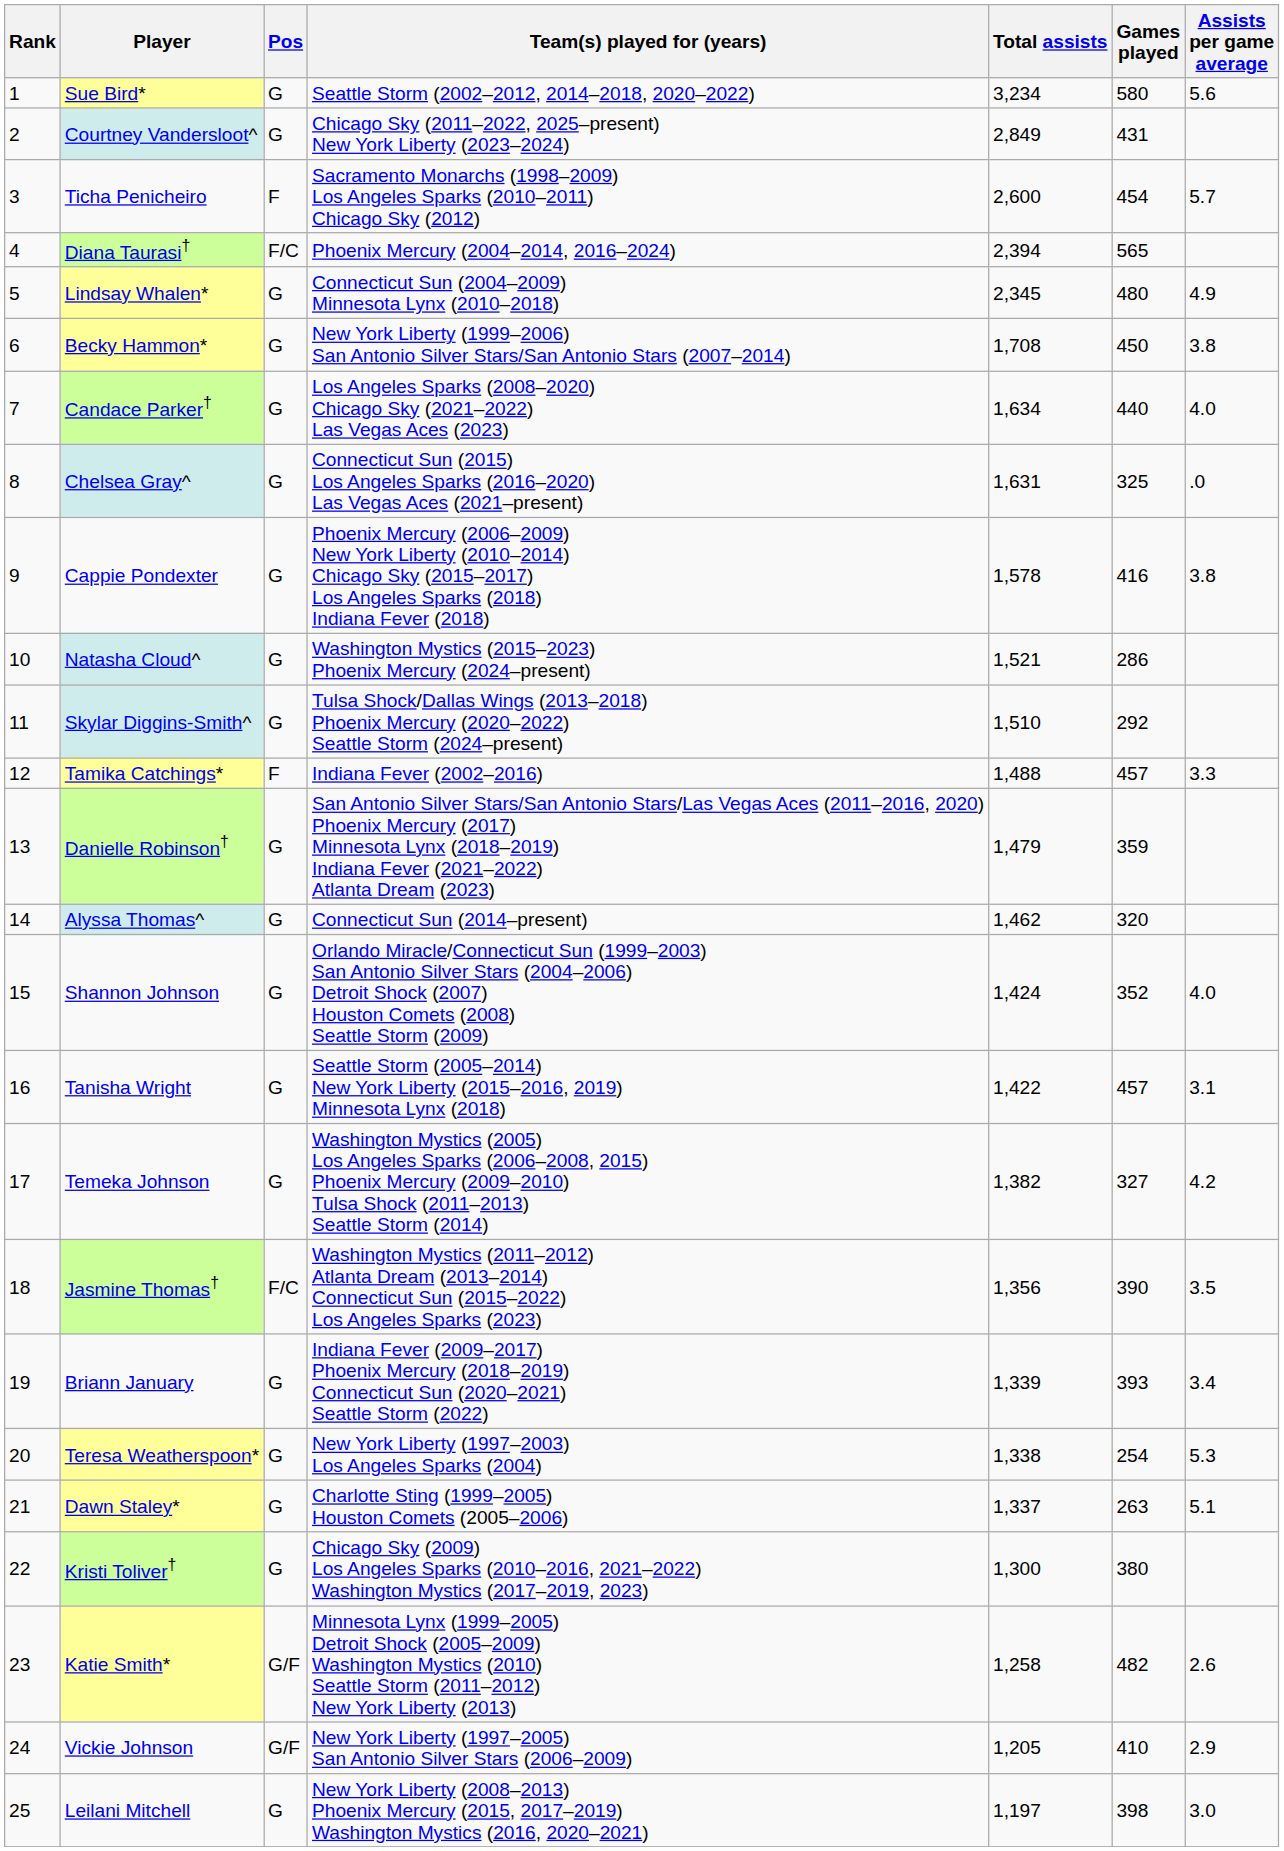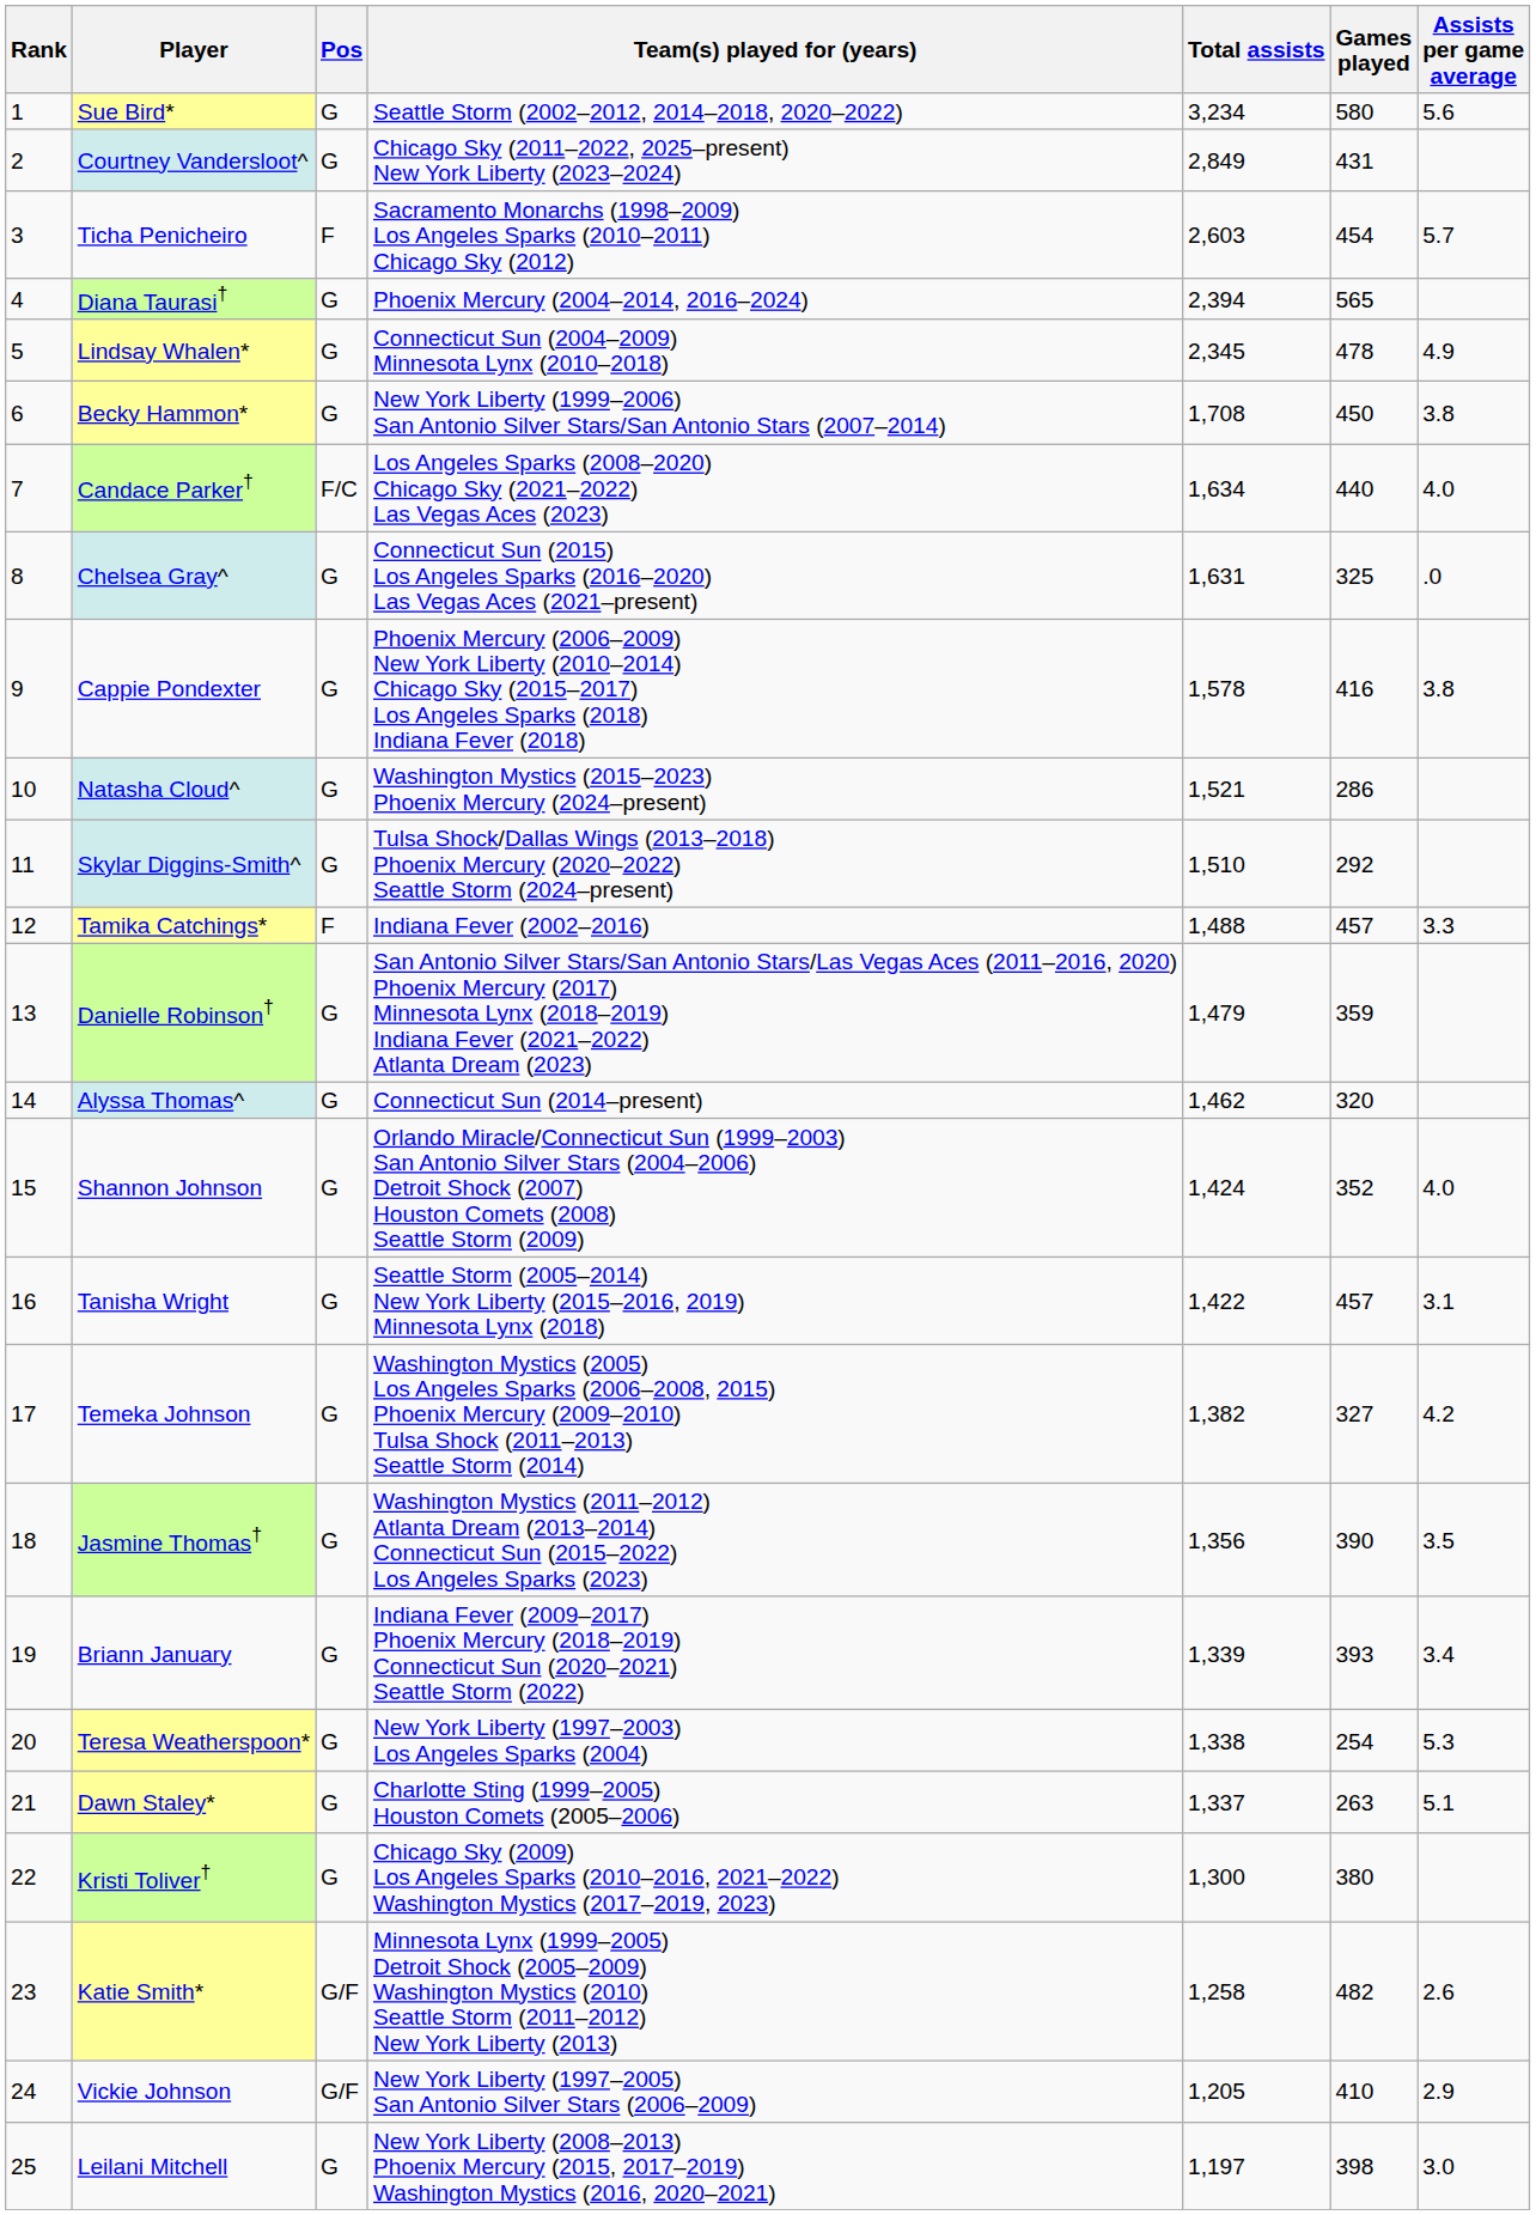 <table class="wikitable sortable" style="font-size: 95%;">
 <tr>
 <th>Rank</th>
 <th>Player</th>
 <th><a href='#'>Pos</a></th>
 <th class="unsortable">Team(s) played for (years)</th>
 <th>Total <a href='#'>assists</a></th>
 <th>Games <br> played</th>
 <th data-sort-type=number><a href='#'>Assists</a> <br> per game<br><a href='#'>average</a></th>
 </tr>
 <tr>
 <td>1</td>
 <td style="background:#FFFF99"><a href='#'>Sue Bird</a>*</td>
 <td>G</td>
 <td><a href='#'>Seattle Storm</a> (<a href='#'>2002</a>–<a href='#'>2012</a>, <a href='#'>2014</a>–<a href='#'>2018</a>, <a href='#'>2020</a>–<a href='#'>2022</a>)</td>
 <td>3,234</td>
 <td>580</td>
 <td>5.6</td>
 </tr>
 <tr>
 <td>2</td>
 <td style="background:#CFECEC"><a href='#'>Courtney Vandersloot</a>^</td>
 <td>G</td>
 <td><a href='#'>Chicago Sky</a> (<a href='#'>2011</a>–<a href='#'>2022</a>, <a href='#'>2025</a>–present)<br><a href='#'>New York Liberty</a> (<a href='#'>2023</a>–<a href='#'>2024</a>)</td>
 <td>2,849</td>
 <td>431</td>
 <td></td>
 </tr>
 <tr>
 <td>3</td>
 <td><a href='#'>Ticha Penicheiro</a></td>
 <td>F</td>
 <td><a href='#'>Sacramento Monarchs</a> (<a href='#'>1998</a>–<a href='#'>2009</a>)<br><a href='#'>Los Angeles Sparks</a> (<a href='#'>2010</a>–<a href='#'>2011</a>)<br><a href='#'>Chicago Sky</a> (<a href='#'>2012</a>)</td>
-<td>2,600</td>
+<td>2,603</td>
 <td>454</td>
 <td>5.7</td>
 </tr>
 <tr>
 <td>4</td>
 <td style="background:#CCFF99"><a href='#'>Diana Taurasi</a><sup>†</sup></td>
-<td>F/C</td>
+<td>G</td>
 <td><a href='#'>Phoenix Mercury</a> (<a href='#'>2004</a>–<a href='#'>2014</a>, <a href='#'>2016</a>–<a href='#'>2024</a>)</td>
 <td>2,394</td>
 <td>565</td>
 <td></td>
 </tr>
 <tr>
 <td>5</td>
 <td style="background:#FFFF99"><a href='#'>Lindsay Whalen</a>*</td>
 <td>G</td>
 <td><a href='#'>Connecticut Sun</a> (<a href='#'>2004</a>–<a href='#'>2009</a>)<br><a href='#'>Minnesota Lynx</a> (<a href='#'>2010</a>–<a href='#'>2018</a>)</td>
 <td>2,345</td>
-<td>480</td>
+<td>478</td>
 <td>4.9</td>
 </tr>
 <tr>
 <td>6</td>
 <td style="background:#FFFF99"><a href='#'>Becky Hammon</a>*</td>
 <td>G</td>
 <td><a href='#'>New York Liberty</a> (<a href='#'>1999</a>–<a href='#'>2006</a>)<br><a href='#'>San Antonio Silver Stars/San Antonio Stars</a> (<a href='#'>2007</a>–<a href='#'>2014</a>)</td>
 <td>1,708</td>
 <td>450</td>
 <td>3.8</td>
 </tr>
 <tr>
 <td>7</td>
 <td style="background:#CCFF99"><a href='#'>Candace Parker</a><sup>†</sup></td>
-<td>G</td>
+<td>F/C</td>
 <td><a href='#'>Los Angeles Sparks</a> (<a href='#'>2008</a>–<a href='#'>2020</a>)<br><a href='#'>Chicago Sky</a> (<a href='#'>2021</a>–<a href='#'>2022</a>)<br><a href='#'>Las Vegas Aces</a> (<a href='#'>2023</a>)</td>
 <td>1,634</td>
 <td>440</td>
 <td>4.0</td>
 </tr>
 <tr>
 <td>8</td>
 <td style="background:#CFECEC"><a href='#'>Chelsea Gray</a>^</td>
 <td>G</td>
 <td><a href='#'>Connecticut Sun</a> (<a href='#'>2015</a>)<br><a href='#'>Los Angeles Sparks</a> (<a href='#'>2016</a>–<a href='#'>2020</a>)<br><a href='#'>Las Vegas Aces</a> (<a href='#'>2021</a>–present)</td>
 <td>1,631</td>
 <td>325</td>
 <td>.0</td>
 </tr>
 <tr>
 <td>9</td>
 <td><a href='#'>Cappie Pondexter</a></td>
 <td>G</td>
 <td><a href='#'>Phoenix Mercury</a> (<a href='#'>2006</a>–<a href='#'>2009</a>)<br><a href='#'>New York Liberty</a> (<a href='#'>2010</a>–<a href='#'>2014</a>)<br><a href='#'>Chicago Sky</a> (<a href='#'>2015</a>–<a href='#'>2017</a>)<br><a href='#'>Los Angeles Sparks</a> (<a href='#'>2018</a>)<br><a href='#'>Indiana Fever</a> (<a href='#'>2018</a>)</td>
 <td>1,578</td>
 <td>416</td>
 <td>3.8</td>
 </tr>
 <tr>
 <td>10</td>
 <td style="background:#CFECEC"><a href='#'>Natasha Cloud</a>^</td>
 <td>G</td>
 <td><a href='#'>Washington Mystics</a> (<a href='#'>2015</a>–<a href='#'>2023</a>)<br><a href='#'>Phoenix Mercury</a> (<a href='#'>2024</a>–present)</td>
 <td>1,521</td>
 <td>286</td>
 <td></td>
 </tr>
 <tr>
 <td>11</td>
 <td style="background:#CFECEC"><a href='#'>Skylar Diggins-Smith</a>^</td>
 <td>G</td>
 <td><a href='#'>Tulsa Shock</a>/<a href='#'>Dallas Wings</a> (<a href='#'>2013</a>–<a href='#'>2018</a>)<br><a href='#'>Phoenix Mercury</a> (<a href='#'>2020</a>–<a href='#'>2022</a>)<br><a href='#'>Seattle Storm</a> (<a href='#'>2024</a>–present)</td>
 <td>1,510</td>
 <td>292</td>
 <td></td>
 </tr>
 <tr>
 <td>12</td>
 <td style="background:#FFFF99"><a href='#'>Tamika Catchings</a>*</td>
 <td>F</td>
 <td><a href='#'>Indiana Fever</a> (<a href='#'>2002</a>–<a href='#'>2016</a>)</td>
 <td>1,488</td>
 <td>457</td>
 <td>3.3</td>
 </tr>
 <tr>
 <td>13</td>
 <td style="background:#CCFF99"><a href='#'>Danielle Robinson</a><sup>†</sup></td>
 <td>G</td>
 <td><a href='#'>San Antonio Silver Stars/San Antonio Stars</a>/<a href='#'>Las Vegas Aces</a> (<a href='#'>2011</a>–<a href='#'>2016</a>, <a href='#'>2020</a>)<br><a href='#'>Phoenix Mercury</a> (<a href='#'>2017</a>)<br><a href='#'>Minnesota Lynx</a> (<a href='#'>2018</a>–<a href='#'>2019</a>)<br><a href='#'>Indiana Fever</a> (<a href='#'>2021</a>–<a href='#'>2022</a>)<br><a href='#'>Atlanta Dream</a> (<a href='#'>2023</a>)</td>
 <td>1,479</td>
 <td>359</td>
 <td></td>
 </tr>
 <tr>
 <td>14</td>
 <td style="background:#CFECEC"><a href='#'>Alyssa Thomas</a>^</td>
 <td>G</td>
 <td><a href='#'>Connecticut Sun</a> (<a href='#'>2014</a>–present)</td>
 <td>1,462</td>
 <td>320</td>
 <td></td>
 </tr>
 <tr>
 <td>15</td>
 <td><a href='#'>Shannon Johnson</a></td>
 <td>G</td>
 <td><a href='#'>Orlando Miracle</a>/<a href='#'>Connecticut Sun</a> (<a href='#'>1999</a>–<a href='#'>2003</a>)<br><a href='#'>San Antonio Silver Stars</a> (<a href='#'>2004</a>–<a href='#'>2006</a>)<br><a href='#'>Detroit Shock</a> (<a href='#'>2007</a>)<br><a href='#'>Houston Comets</a> (<a href='#'>2008</a>)<br><a href='#'>Seattle Storm</a> (<a href='#'>2009</a>)</td>
 <td>1,424</td>
 <td>352</td>
 <td>4.0</td>
 </tr>
 <tr>
 <td>16</td>
 <td><a href='#'>Tanisha Wright</a></td>
 <td>G</td>
 <td><a href='#'>Seattle Storm</a> (<a href='#'>2005</a>–<a href='#'>2014</a>)<br><a href='#'>New York Liberty</a> (<a href='#'>2015</a>–<a href='#'>2016</a>, <a href='#'>2019</a>)<br><a href='#'>Minnesota Lynx</a> (<a href='#'>2018</a>)</td>
 <td>1,422</td>
 <td>457</td>
 <td>3.1</td>
 </tr>
 <tr>
 <td>17</td>
 <td><a href='#'>Temeka Johnson</a></td>
 <td>G</td>
 <td><a href='#'>Washington Mystics</a> (<a href='#'>2005</a>)<br><a href='#'>Los Angeles Sparks</a> (<a href='#'>2006</a>–<a href='#'>2008</a>, <a href='#'>2015</a>)<br><a href='#'>Phoenix Mercury</a> (<a href='#'>2009</a>–<a href='#'>2010</a>)<br><a href='#'>Tulsa Shock</a> (<a href='#'>2011</a>–<a href='#'>2013</a>)<br><a href='#'>Seattle Storm</a> (<a href='#'>2014</a>)</td>
 <td>1,382</td>
 <td>327</td>
 <td>4.2</td>
 </tr>
 <tr>
 <td>18</td>
 <td style="background:#CCFF99"><a href='#'>Jasmine Thomas</a><sup>†</sup></td>
-<td>F/C</td>
+<td>G</td>
 <td><a href='#'>Washington Mystics</a> (<a href='#'>2011</a>–<a href='#'>2012</a>)<br><a href='#'>Atlanta Dream</a> (<a href='#'>2013</a>–<a href='#'>2014</a>)<br><a href='#'>Connecticut Sun</a> (<a href='#'>2015</a>–<a href='#'>2022</a>)<br><a href='#'>Los Angeles Sparks</a> (<a href='#'>2023</a>)</td>
 <td>1,356</td>
 <td>390</td>
 <td>3.5</td>
 </tr>
 <tr>
 <td>19</td>
 <td><a href='#'>Briann January</a></td>
 <td>G</td>
 <td><a href='#'>Indiana Fever</a> (<a href='#'>2009</a>–<a href='#'>2017</a>)<br><a href='#'>Phoenix Mercury</a> (<a href='#'>2018</a>–<a href='#'>2019</a>)<br><a href='#'>Connecticut Sun</a> (<a href='#'>2020</a>–<a href='#'>2021</a>)<br><a href='#'>Seattle Storm</a> (<a href='#'>2022</a>)</td>
 <td>1,339</td>
 <td>393</td>
 <td>3.4</td>
 </tr>
 <tr>
 <td>20</td>
 <td style="background:#FFFF99"><a href='#'>Teresa Weatherspoon</a>*</td>
 <td>G</td>
 <td><a href='#'>New York Liberty</a> (<a href='#'>1997</a>–<a href='#'>2003</a>)<br><a href='#'>Los Angeles Sparks</a> (<a href='#'>2004</a>)</td>
 <td>1,338</td>
 <td>254</td>
 <td>5.3</td>
 </tr>
 <tr>
 <td>21</td>
 <td style="background:#FFFF99"><a href='#'>Dawn Staley</a>*</td>
 <td>G</td>
 <td><a href='#'>Charlotte Sting</a> (<a href='#'>1999</a>–<a href='#'>2005</a>)<br><a href='#'>Houston Comets</a> (2005–<a href='#'>2006</a>)</td>
 <td>1,337</td>
 <td>263</td>
 <td>5.1</td>
 </tr>
 <tr>
 <td>22</td>
 <td style="background:#CCFF99"><a href='#'>Kristi Toliver</a><sup>†</sup></td>
 <td>G</td>
 <td><a href='#'>Chicago Sky</a> (<a href='#'>2009</a>)<br><a href='#'>Los Angeles Sparks</a> (<a href='#'>2010</a>–<a href='#'>2016</a>, <a href='#'>2021</a>–<a href='#'>2022</a>)<br><a href='#'>Washington Mystics</a> (<a href='#'>2017</a>–<a href='#'>2019</a>, <a href='#'>2023</a>)</td>
 <td>1,300</td>
 <td>380</td>
 <td></td>
 </tr>
 <tr>
 <td>23</td>
 <td style="background:#FFFF99"><a href='#'>Katie Smith</a>*</td>
 <td>G/F</td>
 <td><a href='#'>Minnesota Lynx</a> (<a href='#'>1999</a>–<a href='#'>2005</a>)<br><a href='#'>Detroit Shock</a> (<a href='#'>2005</a>–<a href='#'>2009</a>)<br><a href='#'>Washington Mystics</a> (<a href='#'>2010</a>)<br><a href='#'>Seattle Storm</a> (<a href='#'>2011</a>–<a href='#'>2012</a>)<br><a href='#'>New York Liberty</a> (<a href='#'>2013</a>)</td>
 <td>1,258</td>
 <td>482</td>
 <td>2.6</td>
 </tr>
 <tr>
 <td>24</td>
 <td><a href='#'>Vickie Johnson</a></td>
 <td>G/F</td>
 <td><a href='#'>New York Liberty</a> (<a href='#'>1997</a>–<a href='#'>2005</a>)<br><a href='#'>San Antonio Silver Stars</a> (<a href='#'>2006</a>–<a href='#'>2009</a>)</td>
 <td>1,205</td>
 <td>410</td>
 <td>2.9</td>
 </tr>
 <tr>
 <td>25</td>
 <td><a href='#'>Leilani Mitchell</a></td>
 <td>G</td>
 <td><a href='#'>New York Liberty</a> (<a href='#'>2008</a>–<a href='#'>2013</a>)<br><a href='#'>Phoenix Mercury</a> (<a href='#'>2015</a>, <a href='#'>2017</a>–<a href='#'>2019</a>)<br><a href='#'>Washington Mystics</a> (<a href='#'>2016</a>, <a href='#'>2020</a>–<a href='#'>2021</a>)</td>
 <td>1,197</td>
 <td>398</td>
 <td>3.0</td>
 </tr>
 </table>
